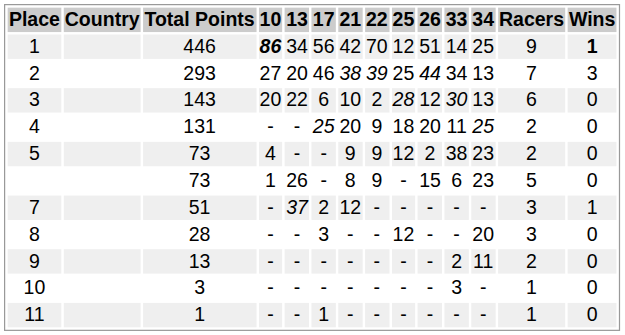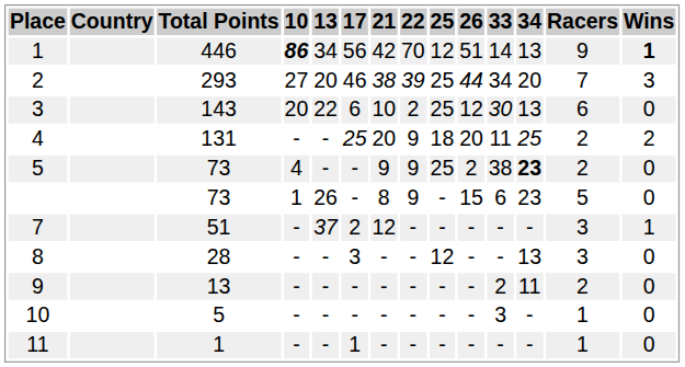 <table border="0" style="border: 1px solid #999; background-color:#FFFFFF; text-align:center">
 <tr align="center" bgcolor="#CCCCCC">
 <th>Place</th>
 <th>Country</th>
 <th>Total Points</th>
 <th>10</th>
 <th>13</th>
 <th>17</th>
 <th>21</th>
 <th>22</th>
 <th>25</th>
 <th>26</th>
 <th>33</th>
 <th>34</th>
 <th>Racers</th>
 <th>Wins</th>
 </tr>
 <tr bgcolor="#EFEFEF">
 <td>1</td>
 <td align="left"></td>
 <td>446</td>
 <td><strong><em>86</em></strong></td>
 <td>34</td>
 <td>56</td>
 <td>42</td>
 <td>70</td>
 <td>12</td>
 <td>51</td>
 <td>14</td>
-<td>25</td>
+<td>13</td>
 <td>9</td>
 <td><strong>1</strong></td>
 </tr>
 <tr>
 <td>2</td>
 <td align="left"></td>
 <td>293</td>
 <td>27</td>
 <td>20</td>
 <td>46</td>
 <td><em>38</em></td>
 <td><em>39</em></td>
 <td>25</td>
 <td><em>44</em></td>
 <td>34</td>
-<td>13</td>
+<td>20</td>
 <td>7</td>
 <td>3</td>
 </tr>
 <tr bgcolor="#EFEFEF">
 <td>3</td>
 <td align="left"></td>
 <td>143</td>
 <td>20</td>
 <td>22</td>
 <td>6</td>
 <td>10</td>
 <td>2</td>
-<td><em>28</em></td>
+<td>25</td>
 <td>12</td>
 <td><em>30</em></td>
 <td>13</td>
 <td>6</td>
 <td>0</td>
 </tr>
 <tr>
 <td>4</td>
 <td align="left"></td>
 <td>131</td>
 <td>-</td>
 <td>-</td>
 <td><em>25</em></td>
 <td>20</td>
 <td>9</td>
 <td>18</td>
 <td>20</td>
 <td>11</td>
 <td><em>25</em></td>
 <td>2</td>
-<td>0</td>
+<td>2</td>
 </tr>
 <tr bgcolor="#EFEFEF">
 <td>5</td>
 <td align="left"></td>
 <td>73</td>
 <td>4</td>
 <td>-</td>
 <td>-</td>
 <td>9</td>
 <td>9</td>
-<td>12</td>
+<td>25</td>
 <td>2</td>
 <td>38</td>
-<td>23</td>
+<td><strong>23</strong></td>
 <td>2</td>
 <td>0</td>
 </tr>
 <tr>
 <td></td>
 <td align="left"></td>
 <td>73</td>
 <td>1</td>
 <td>26</td>
 <td>-</td>
 <td>8</td>
 <td>9</td>
 <td>-</td>
 <td>15</td>
 <td>6</td>
 <td>23</td>
 <td>5</td>
 <td>0</td>
 </tr>
 <tr bgcolor="#EFEFEF">
 <td>7</td>
 <td align="left"></td>
 <td>51</td>
 <td>-</td>
 <td><em>37</em></td>
 <td>2</td>
 <td>12</td>
 <td>-</td>
 <td>-</td>
 <td>-</td>
 <td>-</td>
 <td>-</td>
 <td>3</td>
 <td>1</td>
 </tr>
 <tr>
 <td>8</td>
 <td align="left"></td>
 <td>28</td>
 <td>-</td>
 <td>-</td>
 <td>3</td>
 <td>-</td>
 <td>-</td>
 <td>12</td>
 <td>-</td>
 <td>-</td>
-<td>20</td>
+<td>13</td>
 <td>3</td>
 <td>0</td>
 </tr>
 <tr bgcolor="#EFEFEF">
 <td>9</td>
 <td align="left"></td>
 <td>13</td>
 <td>-</td>
 <td>-</td>
 <td>-</td>
 <td>-</td>
 <td>-</td>
 <td>-</td>
 <td>-</td>
 <td>2</td>
 <td>11</td>
 <td>2</td>
 <td>0</td>
 </tr>
 <tr>
 <td>10</td>
 <td align="left"></td>
-<td>3</td>
+<td>5</td>
 <td>-</td>
 <td>-</td>
 <td>-</td>
 <td>-</td>
 <td>-</td>
 <td>-</td>
 <td>-</td>
 <td>3</td>
 <td>-</td>
 <td>1</td>
 <td>0</td>
 </tr>
 <tr bgcolor="#EFEFEF">
 <td>11</td>
 <td align="left"></td>
 <td>1</td>
 <td>-</td>
 <td>-</td>
 <td>1</td>
 <td>-</td>
 <td>-</td>
 <td>-</td>
 <td>-</td>
 <td>-</td>
 <td>-</td>
 <td>1</td>
 <td>0</td>
 </tr>
 </table>
